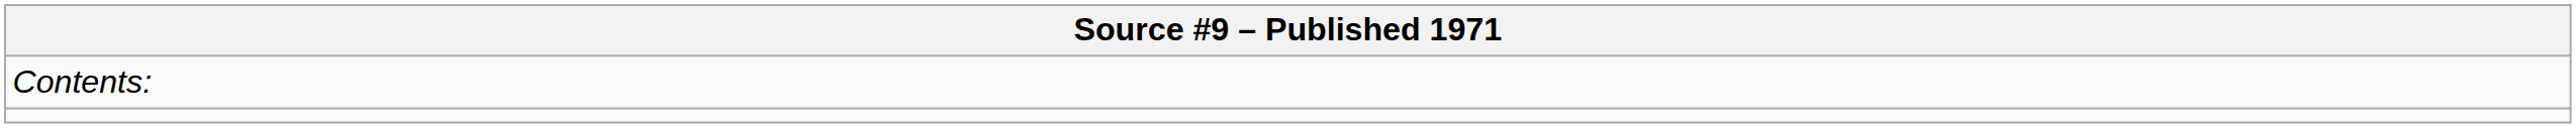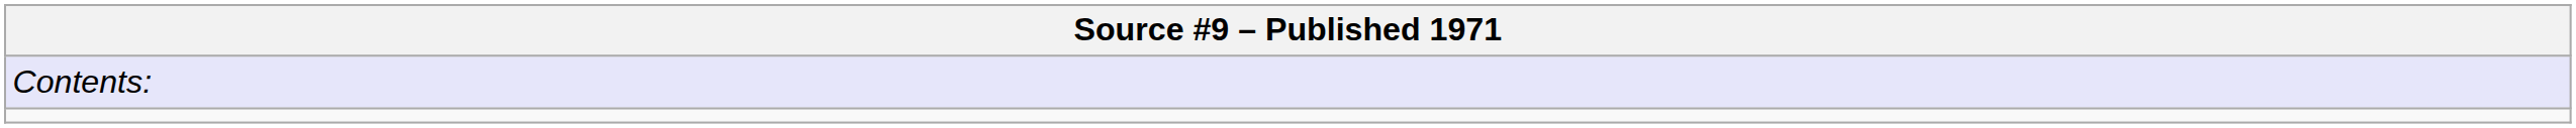 <table class="wikitable" style="width:100%;">
 <tr>
 <th><strong>Source #9</strong> – Published 1971</th>
 </tr>
 <tr>
-<td><em>Contents:</em></td>
+<td style="background: lavender;"><em>Contents:</em></td>
 </tr>
 <tr>
 <td></td>
 </tr>
 </table>
